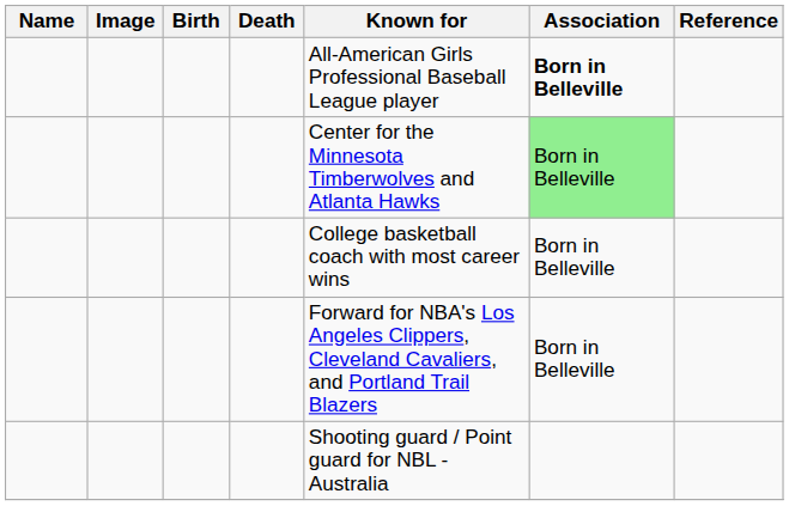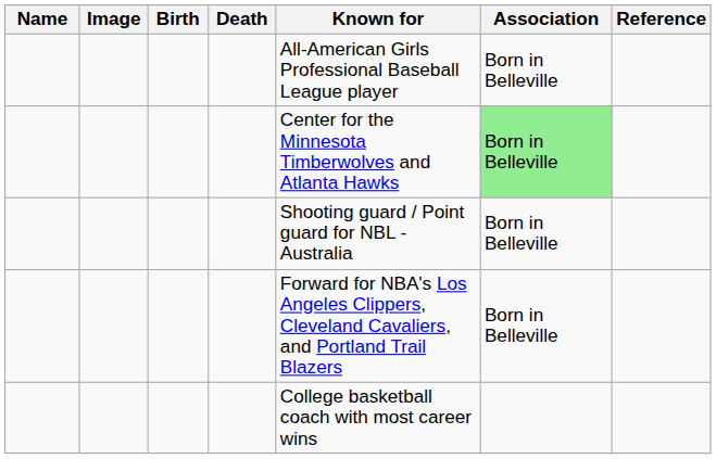 <table class="wikitable sortable">
 <tr>
 <th scope="col" width="140">Name</th>
 <th scope="col" width="80" class="unsortable">Image</th>
 <th scope="col" width="90">Birth</th>
 <th scope="col" width="90">Death</th>
 <th scope="col" width="600" class="unsortable">Known for</th>
 <th scope="col" width="200" class="unsortable">Association</th>
 <th scope="col" width="30" class="unsortable">Reference</th>
 </tr>
 <tr>
 <td></td>
 <td></td>
 <td align=right></td>
 <td></td>
 <td>All-American Girls Professional Baseball League player</td>
-<td><strong>Born in Belleville</strong></td>
+<td>Born in Belleville</td>
 <td align="center"></td>
 </tr>
 <tr>
 <td></td>
 <td></td>
 <td align=right></td>
 <td></td>
 <td>Center for the <a href='#'>Minnesota Timberwolves</a> and <a href='#'>Atlanta Hawks</a></td>
 <td style="background: lightgreen;">Born in Belleville</td>
 <td align="center"></td>
 </tr>
 <tr>
 <td></td>
 <td></td>
 <td align=right></td>
 <td></td>
-<td>College basketball coach with most career wins</td>
+<td>Shooting guard / Point guard for NBL - Australia</td>
 <td>Born in Belleville</td>
 <td align="center"></td>
 </tr>
 <tr>
 <td></td>
 <td></td>
 <td align=right></td>
 <td></td>
 <td>Forward for NBA's <a href='#'>Los Angeles Clippers</a>, <a href='#'>Cleveland Cavaliers</a>, and <a href='#'>Portland Trail Blazers</a></td>
 <td>Born in Belleville</td>
 <td align="center"></td>
 </tr>
 <tr>
 <td></td>
 <td></td>
 <td align=right></td>
 <td></td>
-<td>Shooting guard / Point guard for NBL - Australia</td>
+<td>College basketball coach with most career wins</td>
 <td></td>
 <td align="center"></td>
 </tr>
 <tr>
 </tr>
 </table>
